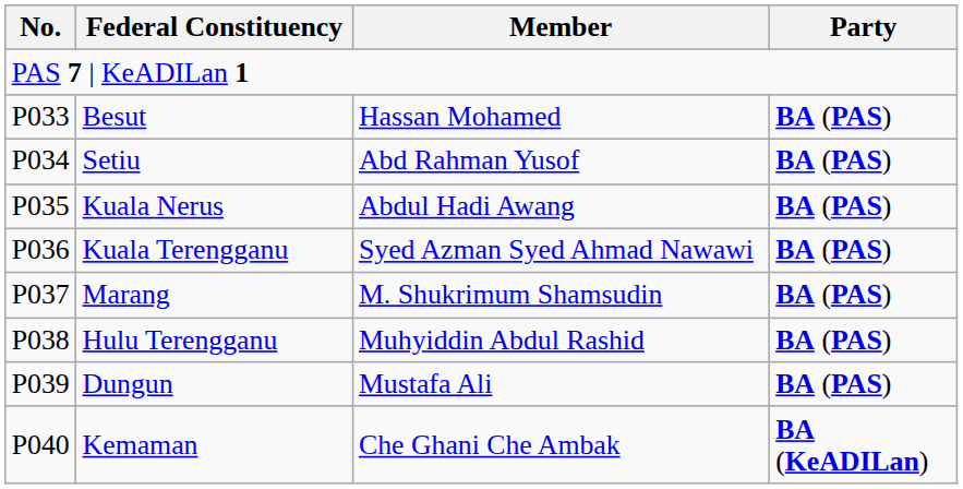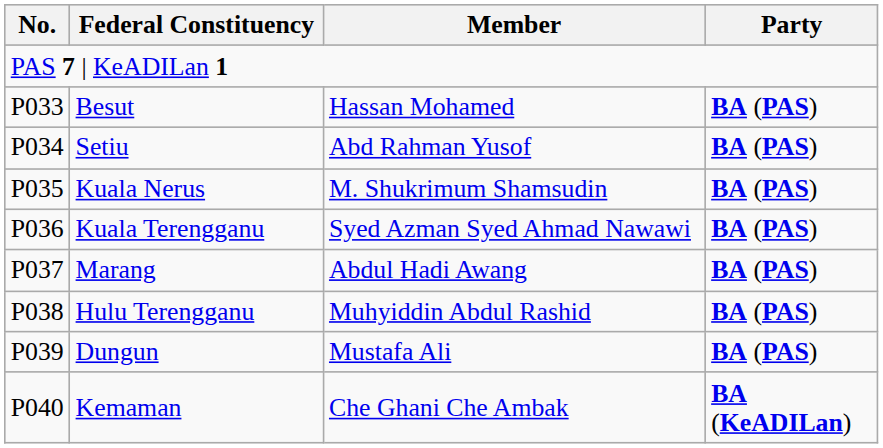 <table class="wikitable sortable">
 <tr>
 <th style="width:30px;">No.</th>
 <th style="width:150px;">Federal Constituency</th>
 <th style="width:230px;">Member</th>
 <th style="width:100px;">Party</th>
 </tr>
 <tr>
 <td colspan="4"><a href='#'>PAS</a> <strong>7</strong> | <a href='#'>KeADILan</a> <strong>1</strong></td>
 </tr>
 <tr>
 <td>P033</td>
 <td><a href='#'>Besut</a></td>
 <td><a href='#'>Hassan Mohamed</a></td>
 <td><strong><a href='#'>BA</a></strong> (<strong><a href='#'>PAS</a></strong>)</td>
 </tr>
 <tr>
 <td>P034</td>
 <td><a href='#'>Setiu</a></td>
 <td><a href='#'>Abd Rahman Yusof</a></td>
 <td><strong><a href='#'>BA</a></strong> (<strong><a href='#'>PAS</a></strong>)</td>
 </tr>
 <tr>
 <td>P035</td>
 <td><a href='#'>Kuala Nerus</a></td>
-<td><a href='#'>Abdul Hadi Awang</a></td>
+<td><a href='#'>M. Shukrimum Shamsudin</a></td>
 <td><strong><a href='#'>BA</a></strong> (<strong><a href='#'>PAS</a></strong>)</td>
 </tr>
 <tr>
 <td>P036</td>
 <td><a href='#'>Kuala Terengganu</a></td>
 <td><a href='#'>Syed Azman Syed Ahmad Nawawi</a></td>
 <td><strong><a href='#'>BA</a></strong> (<strong><a href='#'>PAS</a></strong>)</td>
 </tr>
 <tr>
 <td>P037</td>
 <td><a href='#'>Marang</a></td>
-<td><a href='#'>M. Shukrimum Shamsudin</a></td>
+<td><a href='#'>Abdul Hadi Awang</a></td>
 <td><strong><a href='#'>BA</a></strong> (<strong><a href='#'>PAS</a></strong>)</td>
 </tr>
 <tr>
 <td>P038</td>
 <td><a href='#'>Hulu Terengganu</a></td>
 <td><a href='#'>Muhyiddin Abdul Rashid</a></td>
 <td><strong><a href='#'>BA</a></strong> (<strong><a href='#'>PAS</a></strong>)</td>
 </tr>
 <tr>
 <td>P039</td>
 <td><a href='#'>Dungun</a></td>
 <td><a href='#'>Mustafa Ali</a></td>
 <td><strong><a href='#'>BA</a></strong> (<strong><a href='#'>PAS</a></strong>)</td>
 </tr>
 <tr>
 <td>P040</td>
 <td><a href='#'>Kemaman</a></td>
 <td><a href='#'>Che Ghani Che Ambak</a></td>
 <td><strong><a href='#'>BA</a></strong> (<strong><a href='#'>KeADILan</a></strong>)</td>
 </tr>
 </table>
